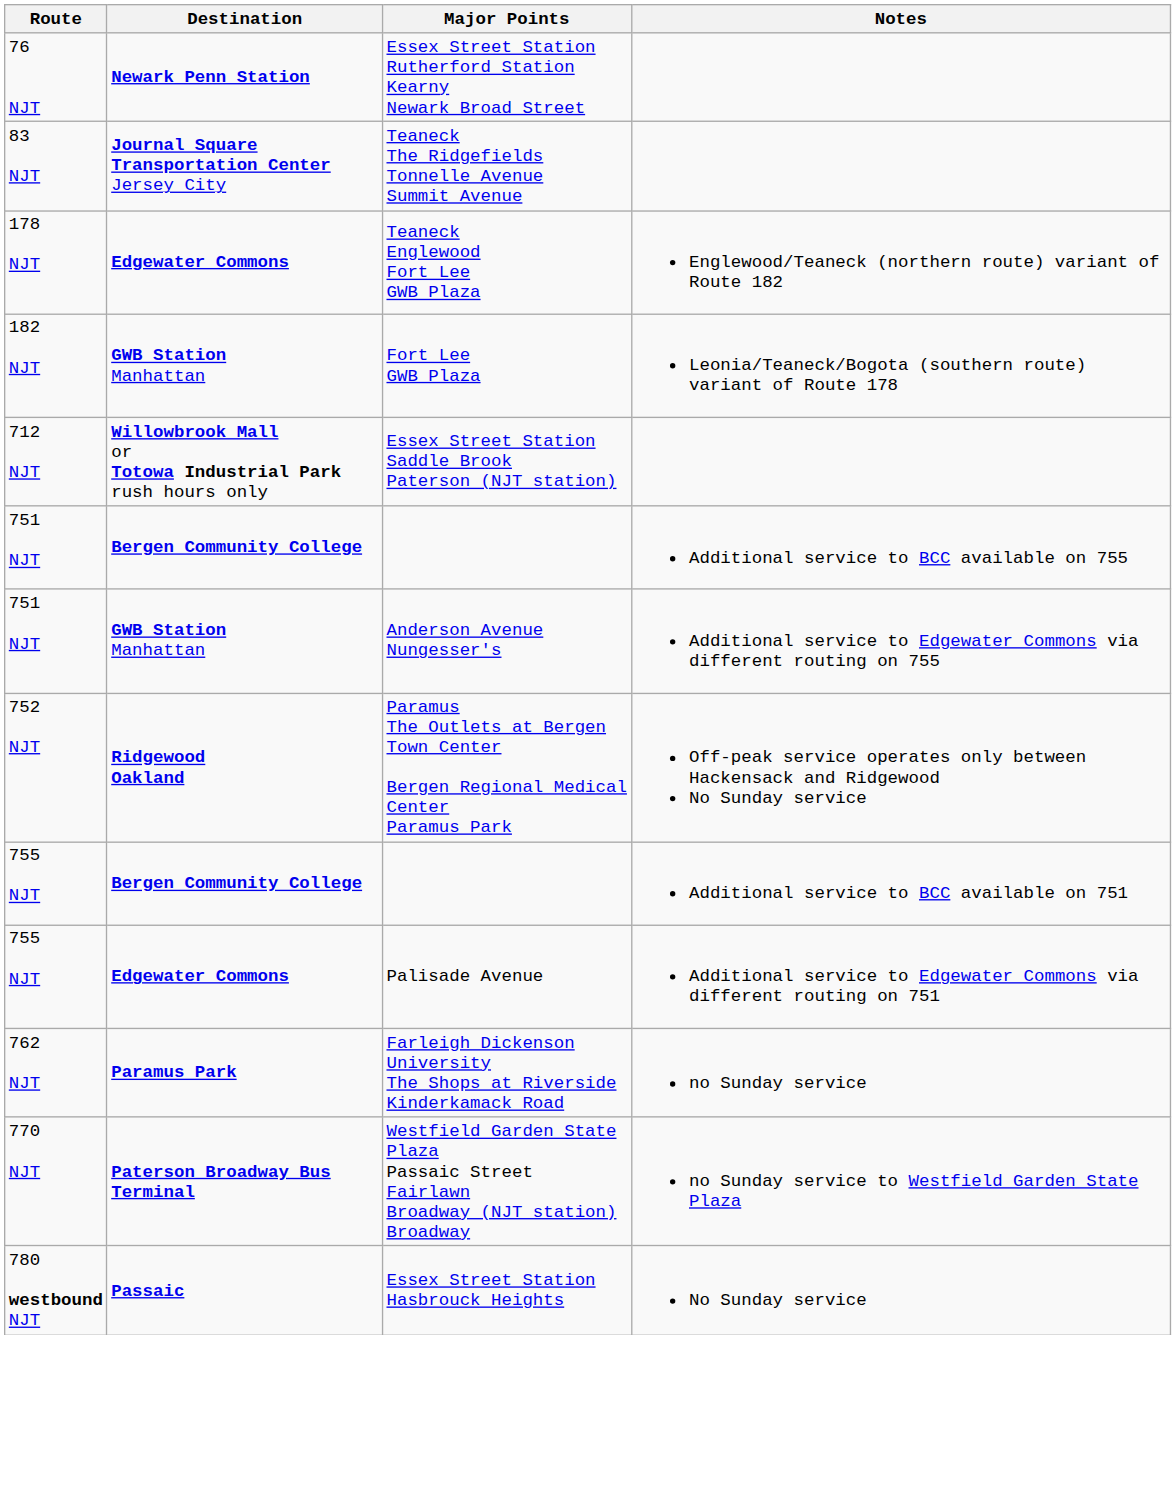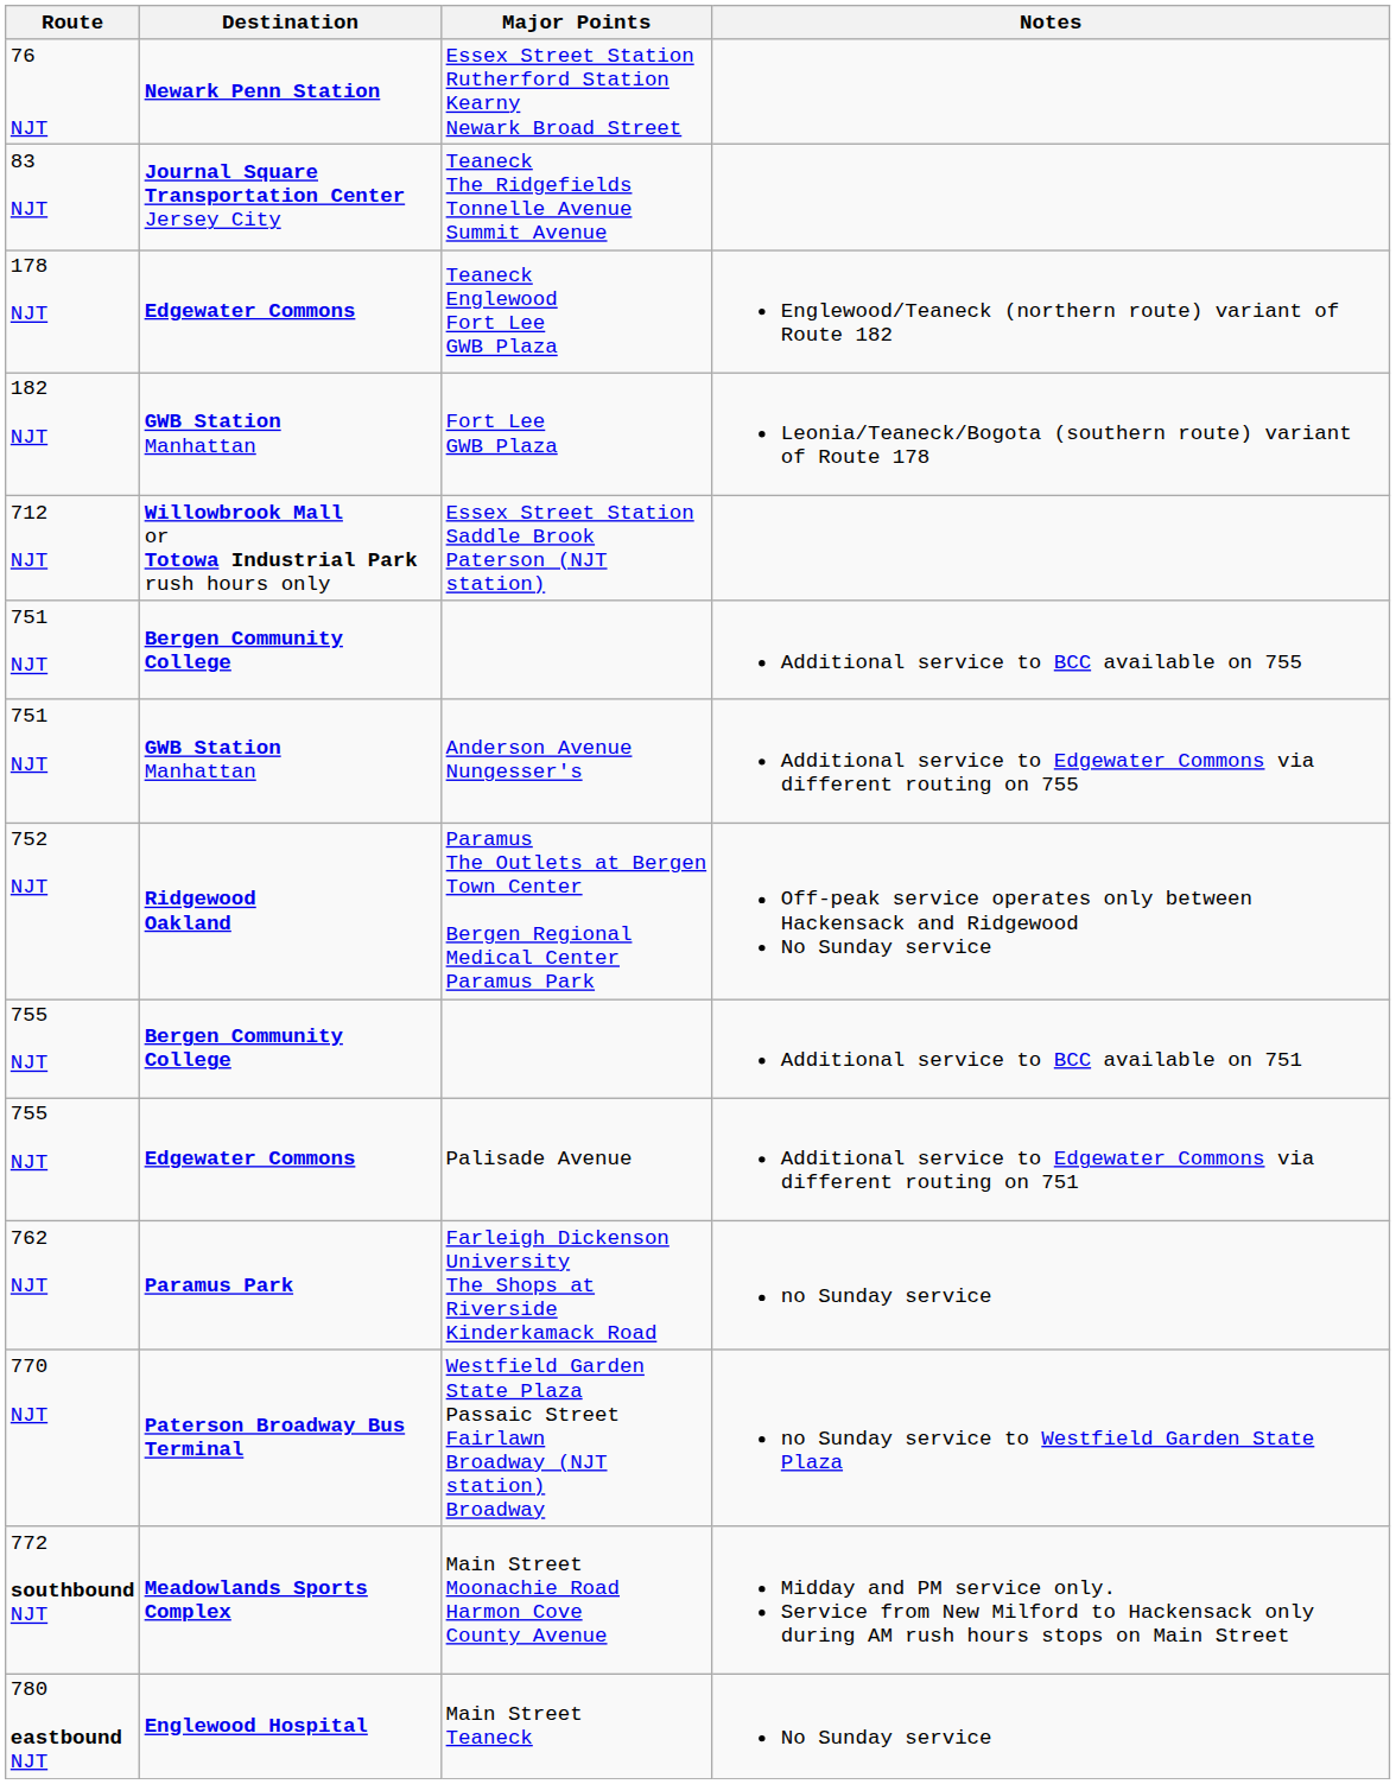 <table class=wikitable>
 <tr>
 <th>Route</th>
 <th colspan=1>Destination</th>
 <th>Major Points</th>
 <th>Notes</th>
 </tr>
 <tr>
 <td valign=top><div>76</div><br><br><a href='#'>NJT</a></td>
 <td><strong><a href='#'>Newark Penn Station</a></strong></td>
 <td><a href='#'>Essex Street Station</a><br><a href='#'>Rutherford Station</a><br><a href='#'>Kearny</a><br><a href='#'>Newark Broad Street</a></td>
 <td></td>
 </tr>
 <tr>
 <td valign=top><div>83<br></div><br><a href='#'>NJT</a></td>
 <td><strong><a href='#'>Journal Square Transportation Center</a></strong><br><a href='#'>Jersey City</a></td>
 <td><a href='#'>Teaneck</a><br><a href='#'>The Ridgefields</a><br><a href='#'>Tonnelle Avenue</a><br><a href='#'>Summit Avenue</a></td>
 <td></td>
 </tr>
 <tr>
 <td valign=top><div>178<br></div><br><a href='#'>NJT</a></td>
 <td><strong><a href='#'>Edgewater Commons</a></strong></td>
 <td><a href='#'>Teaneck</a><br><a href='#'>Englewood</a><br><a href='#'>Fort Lee</a><br><a href='#'>GWB Plaza</a></td>
 <td><br><ul><li>Englewood/Teaneck (northern route) variant of Route 182</li></ul></td>
 </tr>
 <tr>
 <td valign=top><div>182<br></div><br><a href='#'>NJT</a></td>
 <td><strong><a href='#'>GWB Station</a></strong><br><a href='#'>Manhattan</a></td>
 <td><a href='#'>Fort Lee</a><br><a href='#'>GWB Plaza</a></td>
 <td><br><ul><li>Leonia/Teaneck/Bogota (southern route) variant of Route 178</li></ul></td>
 </tr>
 <tr>
 <td valign=top><div>712</div><br><a href='#'>NJT</a></td>
 <td><strong><a href='#'>Willowbrook Mall</a> </strong><br>or<br><strong><a href='#'>Totowa</a> Industrial Park</strong><br>rush hours only</td>
 <td><a href='#'>Essex Street Station</a><br><a href='#'>Saddle Brook</a><br><a href='#'>Paterson (NJT station)</a></td>
 <td></td>
 </tr>
 <tr>
 <td valign=top><div>751</div><br><a href='#'>NJT</a></td>
 <td><strong><a href='#'>Bergen Community College</a></strong></td>
 <td></td>
 <td><br><ul><li>Additional service to <a href='#'>BCC</a> available on 755</li></ul></td>
 </tr>
 <tr>
 <td valign=top><div>751</div><br><a href='#'>NJT</a></td>
 <td><strong><a href='#'>GWB Station</a></strong><br><a href='#'>Manhattan</a></td>
 <td><a href='#'>Anderson Avenue</a><br><a href='#'>Nungesser's</a></td>
 <td><br><ul><li>Additional service to <a href='#'>Edgewater Commons</a> via different routing on 755</li></ul></td>
 </tr>
 <tr>
 <td valign=top><div>752</div><br><a href='#'>NJT</a></td>
 <td><strong><a href='#'>Ridgewood</a></strong><br><strong><a href='#'>Oakland</a></strong></td>
 <td><a href='#'>Paramus</a><br><a href='#'>The Outlets at Bergen Town Center</a><br><br><a href='#'>Bergen Regional Medical Center</a><br> <a href='#'>Paramus Park</a></td>
 <td><br><ul><li>Off-peak service operates only between Hackensack and Ridgewood</li><li>No Sunday service</li></ul></td>
 </tr>
 <tr>
 <td valign=top><div>755</div><br><a href='#'>NJT</a></td>
 <td><strong><a href='#'>Bergen Community College</a></strong></td>
 <td></td>
 <td><br><ul><li>Additional service to <a href='#'>BCC</a> available on 751</li></ul></td>
 </tr>
 <tr>
 <td valign=top><div>755</div><br><a href='#'>NJT</a></td>
 <td><strong><a href='#'>Edgewater Commons</a></strong></td>
 <td>Palisade Avenue</td>
 <td><br><ul><li>Additional service to <a href='#'>Edgewater Commons</a> via different routing on 751</li></ul></td>
 </tr>
 <tr>
 <td valign=top><div>762</div><br><a href='#'>NJT</a></td>
 <td><strong><a href='#'>Paramus Park</a></strong></td>
 <td><a href='#'>Farleigh Dickenson University</a><br><a href='#'>The Shops at Riverside</a><br><a href='#'>Kinderkamack Road</a></td>
 <td><br><ul><li>no Sunday service</li></ul></td>
 </tr>
 <tr>
 <td valign=top><div>770</div><br><a href='#'>NJT</a></td>
 <td><strong><a href='#'>Paterson Broadway Bus Terminal</a></strong></td>
 <td><a href='#'>Westfield Garden State Plaza</a><br>Passaic Street<br><a href='#'>Fairlawn</a><br><a href='#'>Broadway (NJT station)</a><br><a href='#'>Broadway</a></td>
 <td><br><ul><li>no Sunday service to <a href='#'>Westfield Garden State Plaza</a></li></ul></td>
 </tr>
 <tr>
-<td valign=top><div>780</div><br><strong>westbound</strong><br><a href='#'>NJT</a></td>
-<td><strong><a href='#'>Passaic</a></strong></td>
-<td Main Street><a href='#'>Essex Street Station</a><br><a href='#'>Hasbrouck Heights</a></td>
+<td valign=top><div>772</div><br><strong>southbound</strong><br><a href='#'>NJT</a></td>
+<td><strong><a href='#'>Meadowlands Sports Complex</a></strong></td>
+<td>Main Street<br><a href='#'>Moonachie Road</a><br><a href='#'>Harmon Cove</a><br><a href='#'>County Avenue</a></td>
+<td><br><ul><li>Midday and PM service only.</li><li>Service from New Milford to Hackensack only during AM rush hours stops on Main Street</li></ul></td>
+</tr>
+<tr>
+<td valign=top><div>780</div><br><strong>eastbound</strong><br><a href='#'>NJT</a></td>
+<td><strong><a href='#'>Englewood Hospital</a></strong></td>
+<td>Main Street<br><a href='#'>Teaneck</a></td>
 <td><br><ul><li>No Sunday service</li></ul></td>
 </tr>
 </table>
